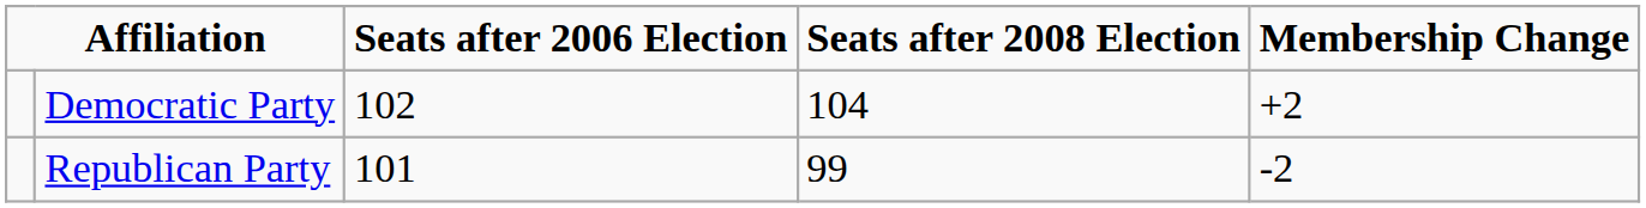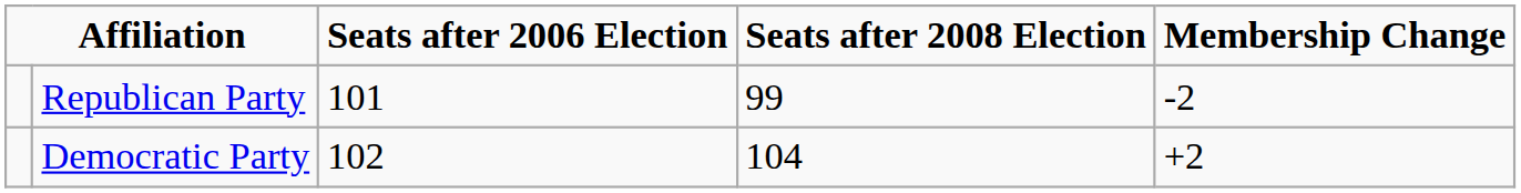 <table class="wikitable">
 <tr>
 <td colspan="2" rowspan="1" align="center" valign="top"><strong>Affiliation</strong></td>
 <td style="vertical-align:top;"><strong>Seats after 2006 Election</strong><br></td>
 <td style="vertical-align:top;"><strong>Seats after 2008 Election</strong><br></td>
 <td style="vertical-align:top;"><strong>Membership Change</strong><br></td>
 </tr>
 <tr>
 <td style="background-color:"> </td>
+<td><a href='#'>Republican Party</a></td>
+<td>101</td>
+<td>99</td>
+<td>-2</td>
+</tr>
+<tr>
+<td style="background-color:"> </td>
 <td><a href='#'>Democratic Party</a></td>
 <td>102</td>
 <td>104</td>
 <td>+2</td>
 </tr>
-<tr>
-<td style="background-color:"> </td>
-<td><a href='#'>Republican Party</a></td>
-<td>101</td>
-<td>99</td>
-<td>-2</td>
-</tr>
 </table>
